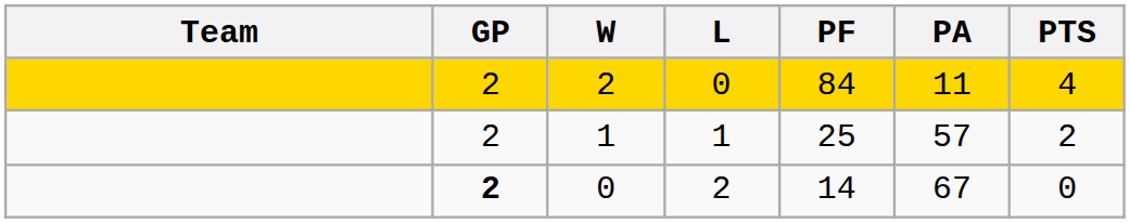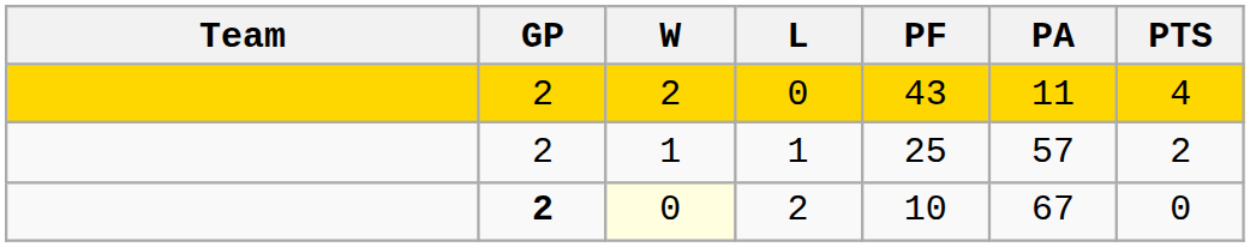 <table class="wikitable" style="text-align:center;">
 <tr>
 <th width=165>Team</th>
 <th width=40>GP</th>
 <th width=40>W</th>
 <th width=40>L</th>
 <th width=40>PF</th>
 <th width=40>PA</th>
 <th width=40>PTS</th>
 </tr>
 <tr style="background:gold">
 <td style="text-align:left;"> </td>
 <td>2</td>
 <td>2</td>
 <td>0</td>
-<td>84</td>
+<td>43</td>
 <td>11</td>
 <td>4</td>
 </tr>
 <tr>
 <td style="text-align:left;"></td>
 <td>2</td>
 <td>1</td>
 <td>1</td>
 <td>25</td>
 <td>57</td>
 <td>2</td>
 </tr>
 <tr>
 <td style="text-align:left;"></td>
 <td><strong>2</strong></td>
-<td>0</td>
+<td style="background: lightyellow;">0</td>
 <td>2</td>
-<td>14</td>
+<td>10</td>
 <td>67</td>
 <td>0</td>
 </tr>
 </table>
